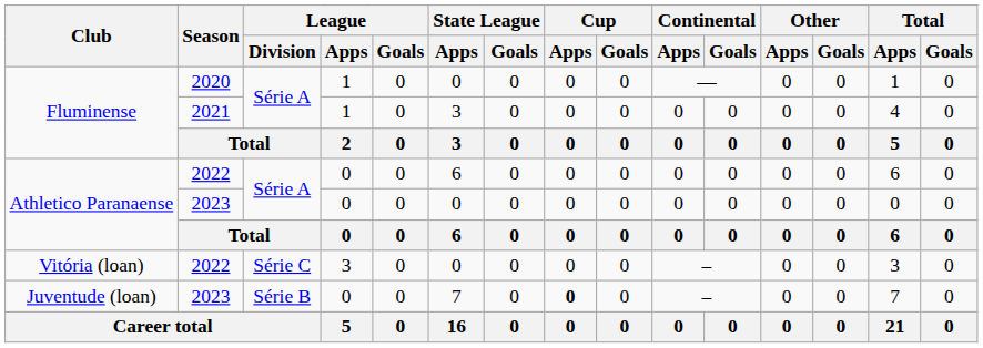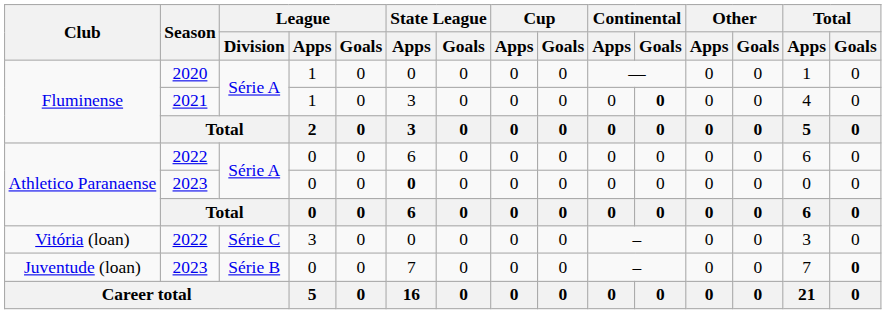 <table class=wikitable style=text-align:center>
 <tr>
 <th rowspan=2>Club</th>
 <th rowspan=2>Season</th>
 <th colspan=3>League</th>
 <th colspan=2>State League</th>
 <th colspan=2>Cup</th>
 <th colspan=2>Continental</th>
 <th colspan=2>Other</th>
 <th colspan=2>Total</th>
 </tr>
 <tr>
 <th>Division</th>
 <th>Apps</th>
 <th>Goals</th>
 <th>Apps</th>
 <th>Goals</th>
 <th>Apps</th>
 <th>Goals</th>
 <th>Apps</th>
 <th>Goals</th>
 <th>Apps</th>
 <th>Goals</th>
 <th>Apps</th>
 <th>Goals</th>
 </tr>
 <tr>
 <td rowspan=3><a href='#'>Fluminense</a></td>
 <td><a href='#'>2020</a></td>
 <td rowspan=2><a href='#'>Série A</a></td>
 <td>1</td>
 <td>0</td>
 <td>0</td>
 <td>0</td>
 <td>0</td>
 <td>0</td>
 <td colspan=2>—</td>
 <td>0</td>
 <td>0</td>
 <td>1</td>
 <td>0</td>
 </tr>
 <tr>
 <td><a href='#'>2021</a></td>
 <td>1</td>
 <td>0</td>
 <td>3</td>
 <td>0</td>
 <td>0</td>
 <td>0</td>
 <td>0</td>
-<td>0</td>
+<td><strong>0</strong></td>
 <td>0</td>
 <td>0</td>
 <td>4</td>
 <td>0</td>
 </tr>
 <tr>
 <th colspan=2><strong>Total</strong></th>
 <th>2</th>
 <th>0</th>
 <th>3</th>
 <th>0</th>
 <th>0</th>
 <th>0</th>
 <th>0</th>
 <th>0</th>
 <th>0</th>
 <th>0</th>
 <th>5</th>
 <th>0</th>
 </tr>
 <tr>
 <td rowspan=3><a href='#'>Athletico Paranaense</a></td>
 <td><a href='#'>2022</a></td>
 <td rowspan=2><a href='#'>Série A</a></td>
 <td>0</td>
 <td>0</td>
 <td>6</td>
 <td>0</td>
 <td>0</td>
 <td>0</td>
 <td>0</td>
 <td>0</td>
 <td>0</td>
 <td>0</td>
 <td>6</td>
 <td>0</td>
 </tr>
 <tr>
 <td><a href='#'>2023</a></td>
 <td>0</td>
 <td>0</td>
-<td>0</td>
+<td><strong>0</strong></td>
 <td>0</td>
 <td>0</td>
 <td>0</td>
 <td>0</td>
 <td>0</td>
 <td>0</td>
 <td>0</td>
 <td>0</td>
 <td>0</td>
 </tr>
 <tr>
 <th colspan=2><strong>Total</strong></th>
 <th>0</th>
 <th>0</th>
 <th>6</th>
 <th>0</th>
 <th>0</th>
 <th>0</th>
 <th>0</th>
 <th>0</th>
 <th>0</th>
 <th>0</th>
 <th>6</th>
 <th>0</th>
 </tr>
 <tr>
 <td><a href='#'>Vitória</a> (loan)</td>
 <td><a href='#'>2022</a></td>
 <td><a href='#'>Série C</a></td>
 <td>3</td>
 <td>0</td>
 <td>0</td>
 <td>0</td>
 <td>0</td>
 <td>0</td>
 <td colspan=2>–</td>
 <td>0</td>
 <td>0</td>
 <td>3</td>
 <td>0</td>
 </tr>
 <tr>
 <td><a href='#'>Juventude</a> (loan)</td>
 <td><a href='#'>2023</a></td>
 <td><a href='#'>Série B</a></td>
 <td>0</td>
 <td>0</td>
 <td>7</td>
 <td>0</td>
-<td><strong>0</strong></td>
+<td>0</td>
 <td>0</td>
 <td colspan=2>–</td>
 <td>0</td>
 <td>0</td>
 <td>7</td>
-<td>0</td>
+<td><strong>0</strong></td>
 </tr>
 <tr>
 <th colspan=3><strong>Career total</strong></th>
 <th>5</th>
 <th>0</th>
 <th>16</th>
 <th>0</th>
 <th>0</th>
 <th>0</th>
 <th>0</th>
 <th>0</th>
 <th>0</th>
 <th>0</th>
 <th>21</th>
 <th>0</th>
 </tr>
 </table>
